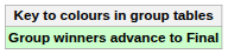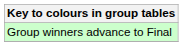 <table class="wikitable">
 <tr>
 <th>Key to colours in group tables</th>
 </tr>
 <tr bgcolor="#ccffcc">
-<td><strong>Group winners advance to Final</strong></td>
+<td>Group winners advance to Final</td>
 </tr>
 <tr>
 </tr>
 </table>
